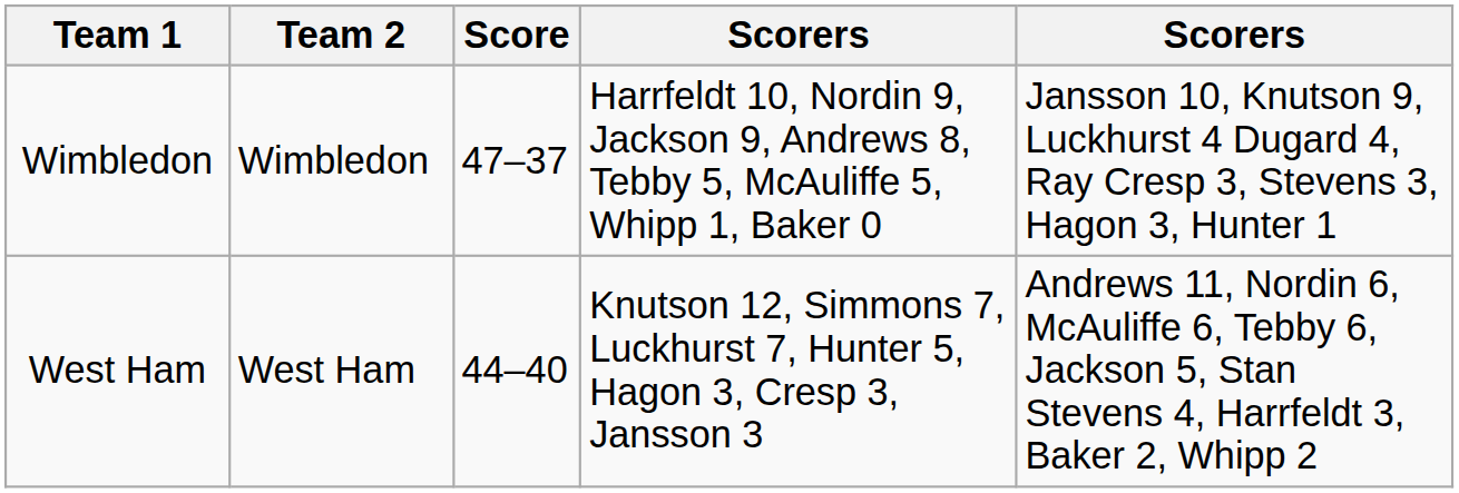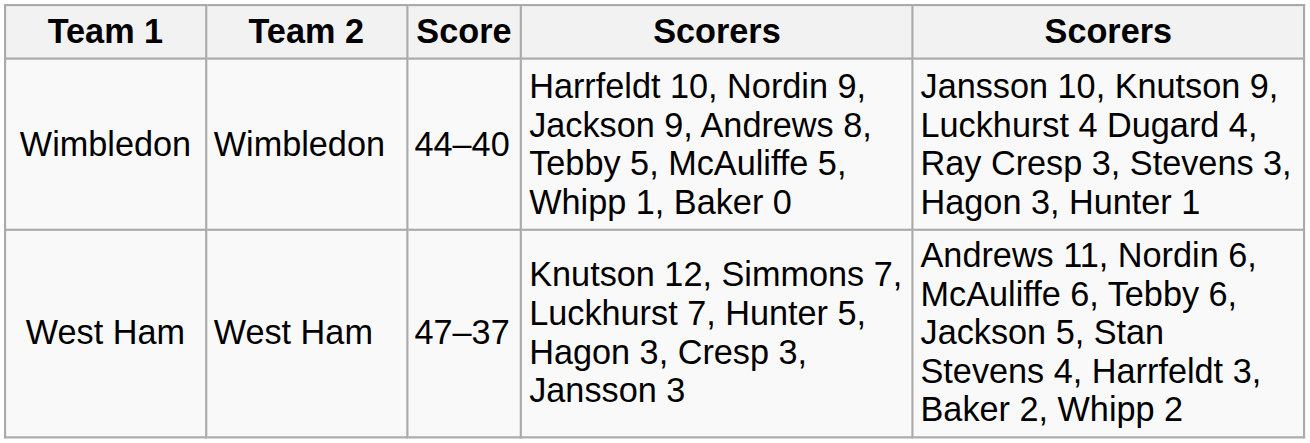 <table class="wikitable" style="font-size: 100%">
 <tr>
 <th width=100>Team 1</th>
 <th width=100>Team 2</th>
 <th width=50>Score</th>
 <th width=400>Scorers</th>
 <th width=400>Scorers</th>
 </tr>
 <tr align=left>
 <td align="center">Wimbledon</td>
 <td>Wimbledon</td>
-<td>47–37</td>
+<td>44–40</td>
 <td>Harrfeldt 10, Nordin 9, Jackson 9, Andrews 8, Tebby 5, McAuliffe 5, Whipp 1, Baker 0</td>
 <td>Jansson 10, Knutson 9, Luckhurst 4 Dugard 4, Ray Cresp 3, Stevens 3, Hagon 3, Hunter 1</td>
 </tr>
 <tr>
 <td align="center">West Ham</td>
 <td>West Ham</td>
-<td>44–40</td>
+<td>47–37</td>
 <td>Knutson 12, Simmons 7, Luckhurst 7, Hunter 5, Hagon 3, Cresp 3, Jansson 3</td>
 <td>Andrews 11, Nordin 6, McAuliffe 6, Tebby 6, Jackson 5, Stan Stevens 4, Harrfeldt 3, Baker 2, Whipp 2</td>
 </tr>
 </table>
